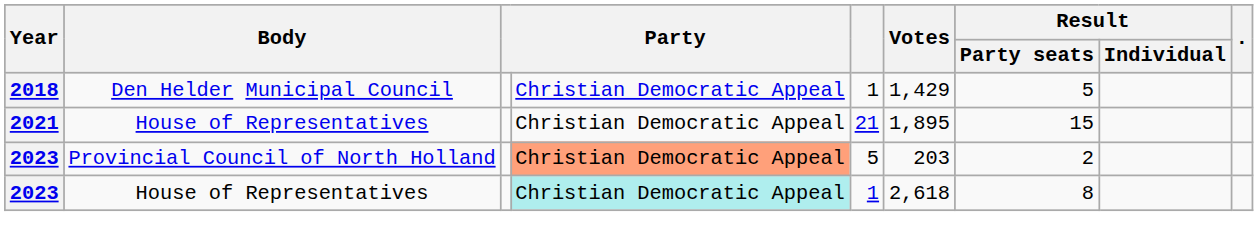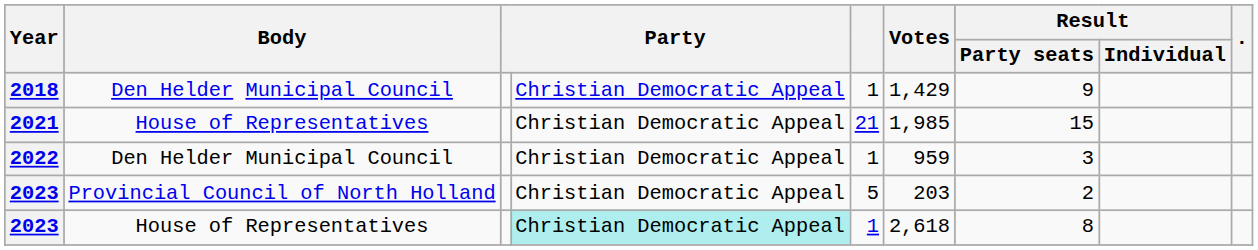 <table class="wikitable plainrowheaders sortable" border=2 cellpadding=4 cellspacing=0 style="border: 1px #aaa solid; font-size: 90%; text-align:center;">
 <tr>
 <th scope="col" rowspan=2>Year</th>
 <th scope="col" rowspan=2>Body</th>
 <th scope="col" colspan=2 rowspan=2>Party</th>
 <th scope="col" rowspan=2></th>
 <th scope="col" rowspan=2>Votes</th>
 <th scope="colgroup" colspan=2>Result</th>
 <th scope="col" rowspan=2 class="unsortable">.</th>
 </tr>
 <tr>
 <th scope="col">Party seats</th>
 <th scope="col">Individual</th>
 </tr>
 <tr>
 <th scope="row"><a href='#'>2018</a></th>
 <td><a href='#'>Den Helder</a> <a href='#'>Municipal Council</a></td>
 <td style="background-color:"></td>
 <td><a href='#'>Christian Democratic Appeal</a></td>
 <td style=text-align:right>1</td>
 <td style=text-align:right>1,429</td>
-<td style=text-align:right>5</td>
+<td style=text-align:right>9</td>
 <td></td>
 <td></td>
 </tr>
 <tr>
 <th scope="row"><a href='#'>2021</a></th>
 <td><a href='#'>House of Representatives</a></td>
 <td style="background-color:"></td>
 <td>Christian Democratic Appeal</td>
 <td style=text-align:right><a href='#'>21</a></td>
-<td style=text-align:right>1,895</td>
+<td style=text-align:right>1,985</td>
 <td style=text-align:right>15</td>
+<td></td>
+<td></td>
+</tr>
+<tr>
+<th scope="row"><a href='#'>2022</a></th>
+<td>Den Helder Municipal Council</td>
+<td style="background-color:"></td>
+<td>Christian Democratic Appeal</td>
+<td style=text-align:right>1</td>
+<td style=text-align:right>959</td>
+<td style=text-align:right>3</td>
 <td></td>
 <td></td>
 </tr>
 <tr>
 <th scope="row"><a href='#'>2023</a></th>
 <td><a href='#'>Provincial Council of North Holland</a></td>
 <td style="background-color:"></td>
-<td style="background: lightsalmon;">Christian Democratic Appeal</td>
+<td>Christian Democratic Appeal</td>
 <td style=text-align:right>5</td>
 <td style=text-align:right>203</td>
 <td style=text-align:right>2</td>
 <td></td>
 <td></td>
 </tr>
 <tr>
 <th scope="row"><a href='#'>2023</a></th>
 <td>House of Representatives</td>
 <td style="background-color:"></td>
 <td style="background: paleturquoise;">Christian Democratic Appeal</td>
 <td style=text-align:right><a href='#'>1</a></td>
 <td style=text-align:right>2,618</td>
 <td style=text-align:right>8</td>
 <td></td>
 <td></td>
 </tr>
 </table>
